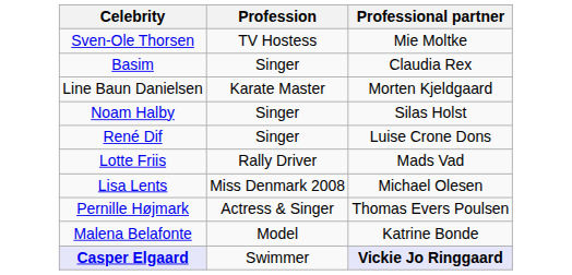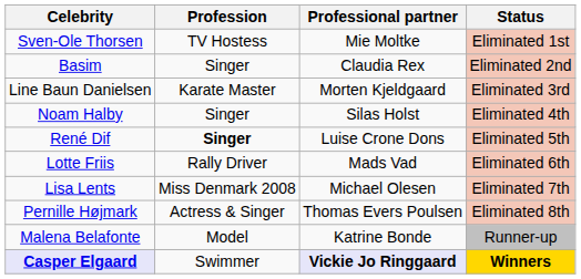 <table class= "wikitable sortable" style="text-align: center; margin:auto; align: center">
 <tr>
 <th>Celebrity</th>
 <th>Profession</th>
 <th>Professional partner</th>
+<th>Status</th>
 </tr>
 <tr>
 <td><a href='#'>Sven-Ole Thorsen</a></td>
 <td>TV Hostess</td>
 <td>Mie Moltke</td>
+<td style="background:#f4c7b8;">Eliminated 1st</td>
 </tr>
 <tr>
 <td><a href='#'>Basim</a></td>
 <td>Singer</td>
 <td>Claudia Rex</td>
+<td style="background:#f4c7b8;">Eliminated 2nd</td>
 </tr>
 <tr>
 <td>Line Baun Danielsen</td>
 <td>Karate Master</td>
 <td>Morten Kjeldgaard</td>
+<td style="background:#f4c7b8;">Eliminated 3rd</td>
 </tr>
 <tr>
 <td><a href='#'>Noam Halby</a></td>
 <td>Singer</td>
 <td>Silas Holst</td>
+<td style="background:#f4c7b8;">Eliminated 4th</td>
 </tr>
 <tr>
 <td><a href='#'>René Dif</a></td>
-<td>Singer</td>
+<td><strong>Singer</strong></td>
 <td>Luise Crone Dons</td>
+<td style="background:#f4c7b8;">Eliminated 5th</td>
 </tr>
 <tr>
 <td><a href='#'>Lotte Friis</a></td>
 <td>Rally Driver</td>
 <td>Mads Vad</td>
+<td style="background:#f4c7b8;">Eliminated 6th</td>
 </tr>
 <tr>
 <td><a href='#'>Lisa Lents</a></td>
 <td>Miss Denmark 2008</td>
 <td>Michael Olesen</td>
+<td style="background:#f4c7b8;">Eliminated 7th</td>
 </tr>
 <tr>
 <td><a href='#'>Pernille Højmark</a></td>
 <td>Actress & Singer</td>
 <td>Thomas Evers Poulsen</td>
+<td style="background:#f4c7b8;">Eliminated 8th</td>
 </tr>
 <tr>
 <td><a href='#'>Malena Belafonte</a></td>
 <td>Model</td>
 <td>Katrine Bonde</td>
+<td style="background:silver;">Runner-up</td>
 </tr>
 <tr>
 <td style="background:lavender;"><strong><a href='#'>Casper Elgaard</a></strong></td>
 <td>Swimmer</td>
 <td style="background:lavender;"><strong>Vickie Jo Ringgaard</strong></td>
+<td style="background:gold;"><strong>Winners</strong></td>
 </tr>
 </table>
